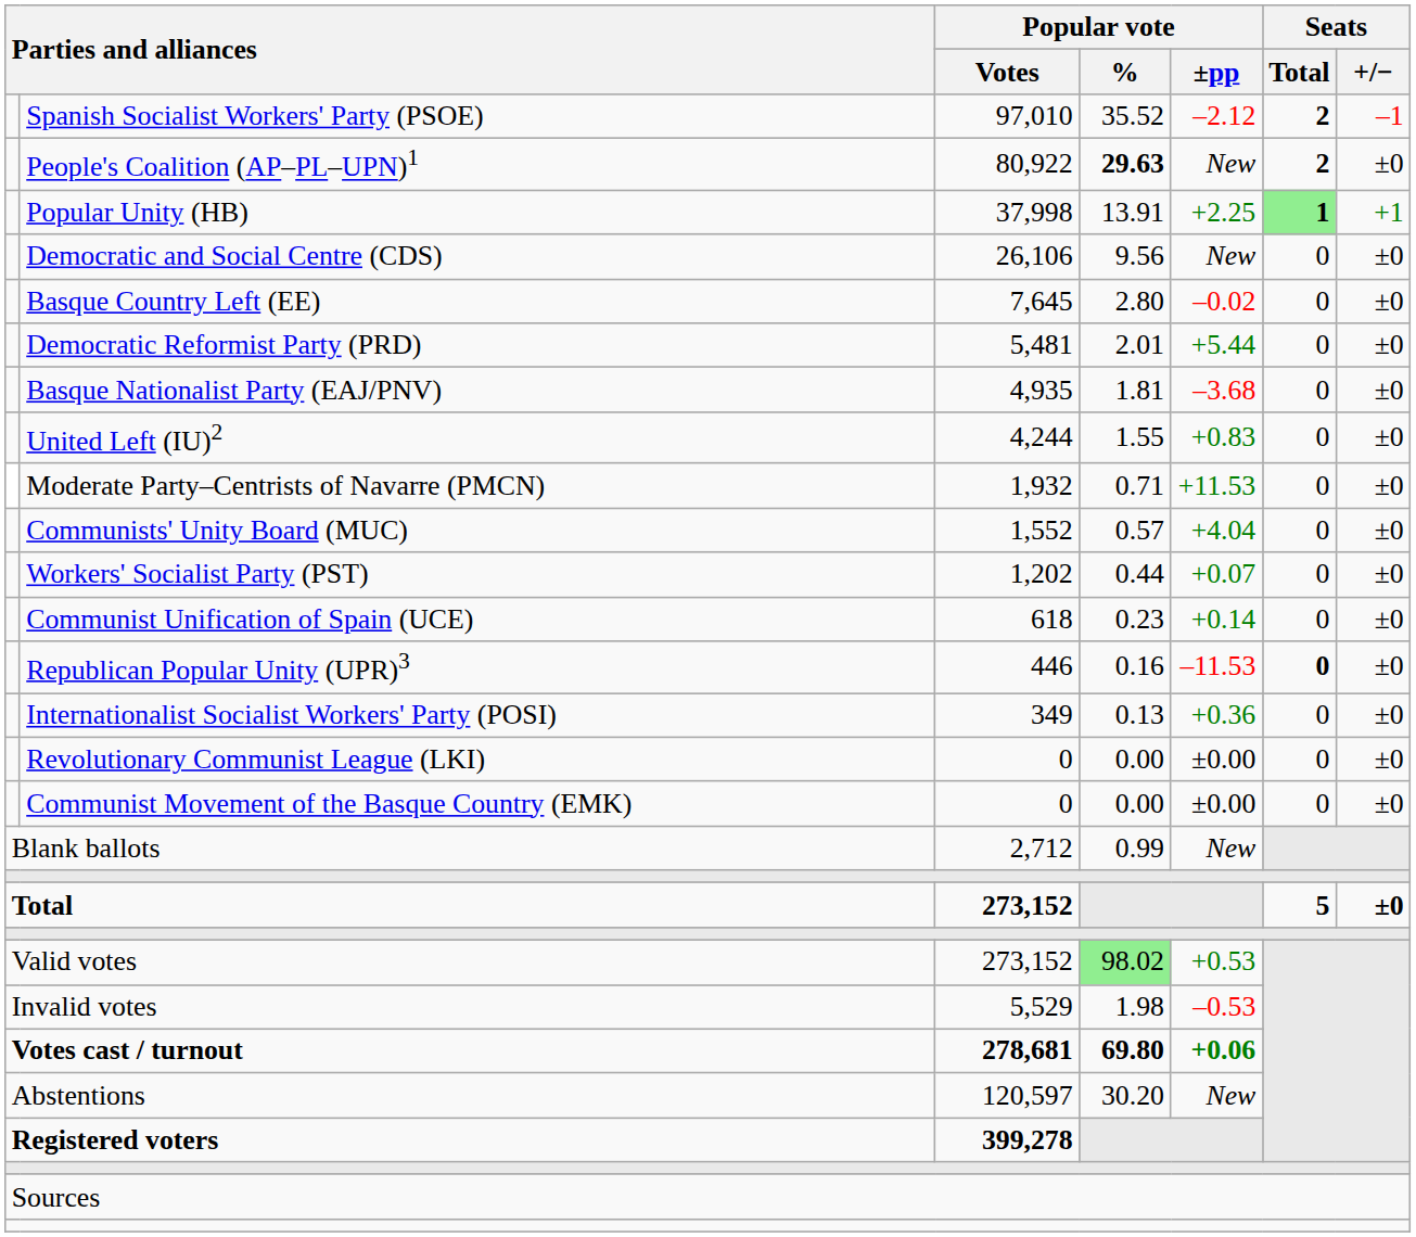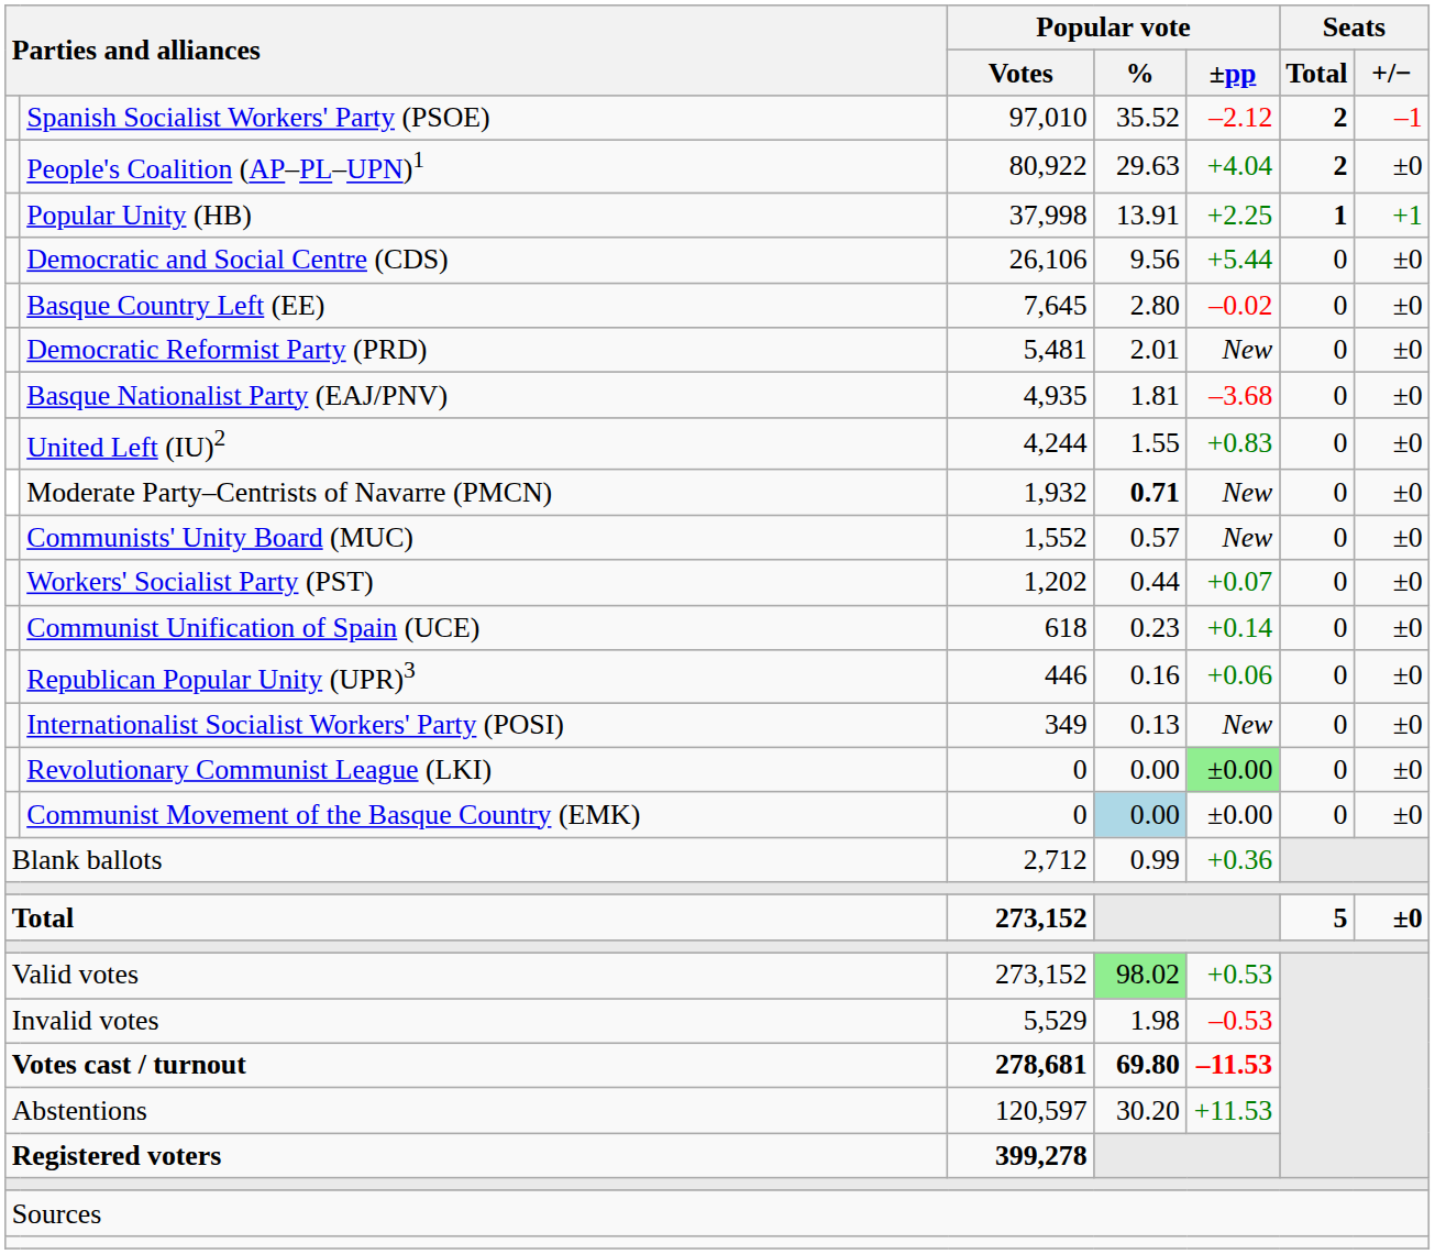 <table class="wikitable" style="text-align:right;">
 <tr>
 <th style="text-align:left;" rowspan="2" colspan="2" width="525">Parties and alliances</th>
 <th colspan="3">Popular vote</th>
 <th colspan="2">Seats</th>
 </tr>
 <tr>
 <th width="75">Votes</th>
 <th width="45">%</th>
 <th width="45">±<a href='#'>pp</a></th>
 <th width="35">Total</th>
 <th width="35">+/−</th>
 </tr>
 <tr>
 <td width="1" style="color:inherit;background:"></td>
 <td align="left"><a href='#'>Spanish Socialist Workers' Party</a> (PSOE)</td>
 <td>97,010</td>
 <td>35.52</td>
 <td style="color:red;">–2.12</td>
 <td><strong>2</strong></td>
 <td style="color:red;">–1</td>
 </tr>
 <tr>
 <td style="color:inherit;background:"></td>
 <td align="left"><a href='#'>People's Coalition</a> (<a href='#'>AP</a>–<a href='#'>PL</a>–<a href='#'>UPN</a>)<sup>1</sup></td>
 <td>80,922</td>
-<td><strong>29.63</strong></td>
-<td><em>New</em></td>
+<td>29.63</td>
+<td style="color:green;">+4.04</td>
 <td><strong>2</strong></td>
 <td>±0</td>
 </tr>
 <tr>
 <td style="color:inherit;background:"></td>
 <td align="left"><a href='#'>Popular Unity</a> (HB)</td>
 <td>37,998</td>
 <td>13.91</td>
 <td style="color:green;">+2.25</td>
-<td style="background: lightgreen;"><strong>1</strong></td>
+<td><strong>1</strong></td>
 <td style="color:green;">+1</td>
 </tr>
 <tr>
 <td style="color:inherit;background:"></td>
 <td align="left"><a href='#'>Democratic and Social Centre</a> (CDS)</td>
 <td>26,106</td>
 <td>9.56</td>
-<td><em>New</em></td>
+<td style="color:green;">+5.44</td>
 <td>0</td>
 <td>±0</td>
 </tr>
 <tr>
 <td style="color:inherit;background:"></td>
 <td align="left"><a href='#'>Basque Country Left</a> (EE)</td>
 <td>7,645</td>
 <td>2.80</td>
 <td style="color:red;">–0.02</td>
 <td>0</td>
 <td>±0</td>
 </tr>
 <tr>
 <td style="color:inherit;background:"></td>
 <td align="left"><a href='#'>Democratic Reformist Party</a> (PRD)</td>
 <td>5,481</td>
 <td>2.01</td>
-<td style="color:green;">+5.44</td>
+<td><em>New</em></td>
 <td>0</td>
 <td>±0</td>
 </tr>
 <tr>
 <td style="color:inherit;background:"></td>
 <td align="left"><a href='#'>Basque Nationalist Party</a> (EAJ/PNV)</td>
 <td>4,935</td>
 <td>1.81</td>
 <td style="color:red;">–3.68</td>
 <td>0</td>
 <td>±0</td>
 </tr>
 <tr>
 <td style="color:inherit;background:"></td>
 <td align="left"><a href='#'>United Left</a> (IU)<sup>2</sup></td>
 <td>4,244</td>
 <td>1.55</td>
 <td style="color:green;">+0.83</td>
 <td>0</td>
 <td>±0</td>
 </tr>
 <tr>
 <td bgcolor="white"></td>
 <td align="left">Moderate Party–Centrists of Navarre (PMCN)</td>
 <td>1,932</td>
-<td>0.71</td>
-<td style="color:green;">+11.53</td>
+<td><strong>0.71</strong></td>
+<td><em>New</em></td>
 <td>0</td>
 <td>±0</td>
 </tr>
 <tr>
 <td style="color:inherit;background:"></td>
 <td align="left"><a href='#'>Communists' Unity Board</a> (MUC)</td>
 <td>1,552</td>
 <td>0.57</td>
-<td style="color:green;">+4.04</td>
+<td><em>New</em></td>
 <td>0</td>
 <td>±0</td>
 </tr>
 <tr>
 <td style="color:inherit;background:"></td>
 <td align="left"><a href='#'>Workers' Socialist Party</a> (PST)</td>
 <td>1,202</td>
 <td>0.44</td>
 <td style="color:green;">+0.07</td>
 <td>0</td>
 <td>±0</td>
 </tr>
 <tr>
 <td style="color:inherit;background:"></td>
 <td align="left"><a href='#'>Communist Unification of Spain</a> (UCE)</td>
 <td>618</td>
 <td>0.23</td>
 <td style="color:green;">+0.14</td>
 <td>0</td>
 <td>±0</td>
 </tr>
 <tr>
 <td style="color:inherit;background:"></td>
 <td align="left"><a href='#'>Republican Popular Unity</a> (UPR)<sup>3</sup></td>
 <td>446</td>
 <td>0.16</td>
-<td style="color:red;">–11.53</td>
-<td><strong>0</strong></td>
+<td style="color:green;">+0.06</td>
+<td>0</td>
 <td>±0</td>
 </tr>
 <tr>
 <td style="color:inherit;background:"></td>
 <td align="left"><a href='#'>Internationalist Socialist Workers' Party</a> (POSI)</td>
 <td>349</td>
 <td>0.13</td>
-<td style="color:green;">+0.36</td>
+<td><em>New</em></td>
 <td>0</td>
 <td>±0</td>
 </tr>
 <tr>
 <td style="color:inherit;background:"></td>
 <td align="left"><a href='#'>Revolutionary Communist League</a> (LKI)</td>
 <td>0</td>
 <td>0.00</td>
-<td>±0.00</td>
+<td style="background: lightgreen;">±0.00</td>
 <td>0</td>
 <td>±0</td>
 </tr>
 <tr>
 <td style="color:inherit;background:"></td>
 <td align="left"><a href='#'>Communist Movement of the Basque Country</a> (EMK)</td>
 <td>0</td>
-<td>0.00</td>
+<td style="background: lightblue;">0.00</td>
 <td>±0.00</td>
 <td>0</td>
 <td>±0</td>
 </tr>
 <tr>
 <td align="left" colspan="2">Blank ballots</td>
 <td>2,712</td>
 <td>0.99</td>
-<td><em>New</em></td>
+<td style="color:green;">+0.36</td>
 <td bgcolor="#E9E9E9" colspan="2"></td>
 </tr>
 <tr>
 <td colspan="7" bgcolor="#E9E9E9"></td>
 </tr>
 <tr style="font-weight:bold;">
 <td align="left" colspan="2">Total</td>
 <td>273,152</td>
 <td bgcolor="#E9E9E9" colspan="2"></td>
 <td>5</td>
 <td>±0</td>
 </tr>
 <tr>
 <td colspan="7" bgcolor="#E9E9E9"></td>
 </tr>
 <tr>
 <td align="left" colspan="2">Valid votes</td>
 <td>273,152</td>
 <td style="background: lightgreen;">98.02</td>
 <td style="color:green;">+0.53</td>
 <td bgcolor="#E9E9E9" colspan="2" rowspan="5"></td>
 </tr>
 <tr>
 <td align="left" colspan="2">Invalid votes</td>
 <td>5,529</td>
 <td>1.98</td>
 <td style="color:red;">–0.53</td>
 </tr>
 <tr style="font-weight:bold;">
 <td align="left" colspan="2">Votes cast / turnout</td>
 <td>278,681</td>
 <td>69.80</td>
-<td style="color:green;">+0.06</td>
+<td style="color:red;">–11.53</td>
 </tr>
 <tr>
 <td align="left" colspan="2">Abstentions</td>
 <td>120,597</td>
 <td>30.20</td>
-<td><em>New</em></td>
+<td style="color:green;">+11.53</td>
 </tr>
 <tr style="font-weight:bold;">
 <td align="left" colspan="2">Registered voters</td>
 <td>399,278</td>
 <td bgcolor="#E9E9E9" colspan="2"></td>
 </tr>
 <tr>
 <td colspan="7" bgcolor="#E9E9E9"></td>
 </tr>
 <tr>
 <td align="left" colspan="7">Sources</td>
 </tr>
 <tr>
 <td colspan="7" style="text-align:left; max-width:790px;"></td>
 </tr>
 </table>
